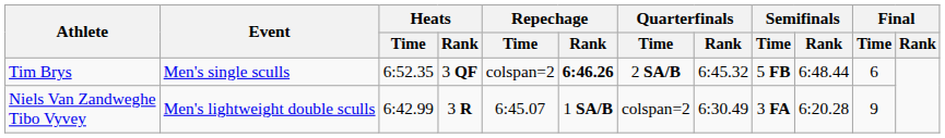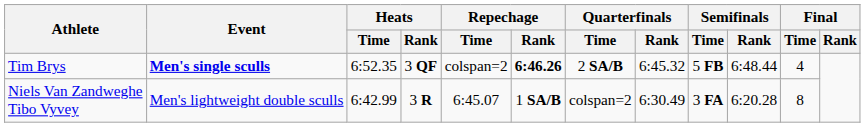 <table class=wikitable style=font-size:90%;text-align:center>
 <tr>
 <th rowspan=2>Athlete</th>
 <th rowspan=2>Event</th>
 <th colspan=2>Heats</th>
 <th colspan=2>Repechage</th>
 <th colspan=2>Quarterfinals</th>
 <th colspan=2>Semifinals</th>
 <th colspan=2>Final</th>
 </tr>
 <tr style=font-size:95%>
 <th>Time</th>
 <th>Rank</th>
 <th>Time</th>
 <th>Rank</th>
 <th>Time</th>
 <th>Rank</th>
 <th>Time</th>
 <th>Rank</th>
 <th>Time</th>
 <th>Rank</th>
 </tr>
 <tr>
 <td align=left><a href='#'>Tim Brys</a></td>
-<td align=left><a href='#'>Men's single sculls</a></td>
+<td align=left><strong><a href='#'>Men's single sculls</a></strong></td>
 <td>6:52.35</td>
 <td>3 <strong>QF</strong></td>
 <td>colspan=2 </td>
 <td><strong>6:46.26</strong></td>
 <td>2 <strong>SA/B</strong></td>
 <td>6:45.32</td>
 <td>5 <strong>FB</strong></td>
 <td>6:48.44</td>
-<td>6</td>
+<td>4</td>
 </tr>
 <tr>
 <td align=left><a href='#'>Niels Van Zandweghe</a><br><a href='#'>Tibo Vyvey</a></td>
 <td align=left><a href='#'>Men's lightweight double sculls</a></td>
 <td>6:42.99</td>
 <td>3  <strong>R</strong></td>
 <td>6:45.07</td>
 <td>1 <strong>SA/B</strong></td>
 <td>colspan=2 </td>
 <td>6:30.49</td>
 <td>3 <strong>FA</strong></td>
 <td>6:20.28</td>
-<td>9</td>
+<td>8</td>
 </tr>
 </table>
